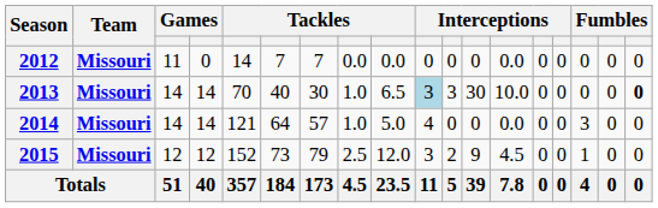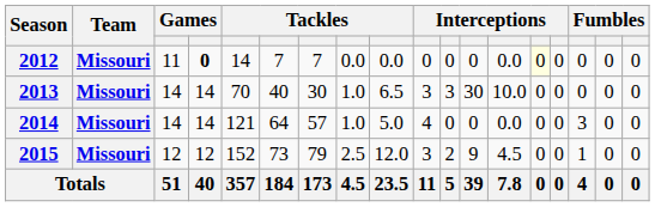 <table class="wikitable" style="text-align:center;">
 <tr>
 <th rowspan="2">Season</th>
 <th rowspan="2">Team</th>
 <th colspan="2">Games</th>
 <th colspan="5">Tackles</th>
 <th colspan="6">Interceptions</th>
 <th colspan="3">Fumbles</th>
 </tr>
 <tr>
 <th></th>
 <th></th>
 <th></th>
 <th></th>
 <th></th>
 <th></th>
 <th></th>
 <th></th>
 <th></th>
 <th></th>
 <th></th>
 <th></th>
 <th></th>
 <th></th>
 <th></th>
 <th></th>
 </tr>
 <tr>
 <th><a href='#'>2012</a></th>
 <th><a href='#'>Missouri</a></th>
 <td>11</td>
-<td>0</td>
+<td><strong>0</strong></td>
 <td>14</td>
 <td>7</td>
 <td>7</td>
 <td>0.0</td>
 <td>0.0</td>
 <td>0</td>
 <td>0</td>
 <td>0</td>
 <td>0.0</td>
-<td>0</td>
+<td style="background: lightyellow;">0</td>
 <td>0</td>
 <td>0</td>
 <td>0</td>
 <td>0</td>
 </tr>
 <tr>
 <th><a href='#'>2013</a></th>
 <th><a href='#'>Missouri</a></th>
 <td>14</td>
 <td>14</td>
 <td>70</td>
 <td>40</td>
 <td>30</td>
 <td>1.0</td>
 <td>6.5</td>
-<td style="background: lightblue;">3</td>
+<td>3</td>
 <td>3</td>
 <td>30</td>
 <td>10.0</td>
 <td>0</td>
 <td>0</td>
 <td>0</td>
 <td>0</td>
-<td><strong>0</strong></td>
+<td>0</td>
 </tr>
 <tr>
 <th><a href='#'>2014</a></th>
 <th><a href='#'>Missouri</a></th>
 <td>14</td>
 <td>14</td>
 <td>121</td>
 <td>64</td>
 <td>57</td>
 <td>1.0</td>
 <td>5.0</td>
 <td>4</td>
 <td>0</td>
 <td>0</td>
 <td>0.0</td>
 <td>0</td>
 <td>0</td>
 <td>3</td>
 <td>0</td>
 <td>0</td>
 </tr>
 <tr>
 <th><a href='#'>2015</a></th>
 <th><a href='#'>Missouri</a></th>
 <td>12</td>
 <td>12</td>
 <td>152</td>
 <td>73</td>
 <td>79</td>
 <td>2.5</td>
 <td>12.0</td>
 <td>3</td>
 <td>2</td>
 <td>9</td>
 <td>4.5</td>
 <td>0</td>
 <td>0</td>
 <td>1</td>
 <td>0</td>
 <td>0</td>
 </tr>
 <tr>
 <th colspan="2">Totals</th>
 <th>51</th>
 <th>40</th>
 <th>357</th>
 <th>184</th>
 <th>173</th>
 <th>4.5</th>
 <th>23.5</th>
 <th>11</th>
 <th>5</th>
 <th>39</th>
 <th>7.8</th>
 <th>0</th>
 <th>0</th>
 <th>4</th>
 <th>0</th>
 <th>0</th>
 </tr>
 </table>
